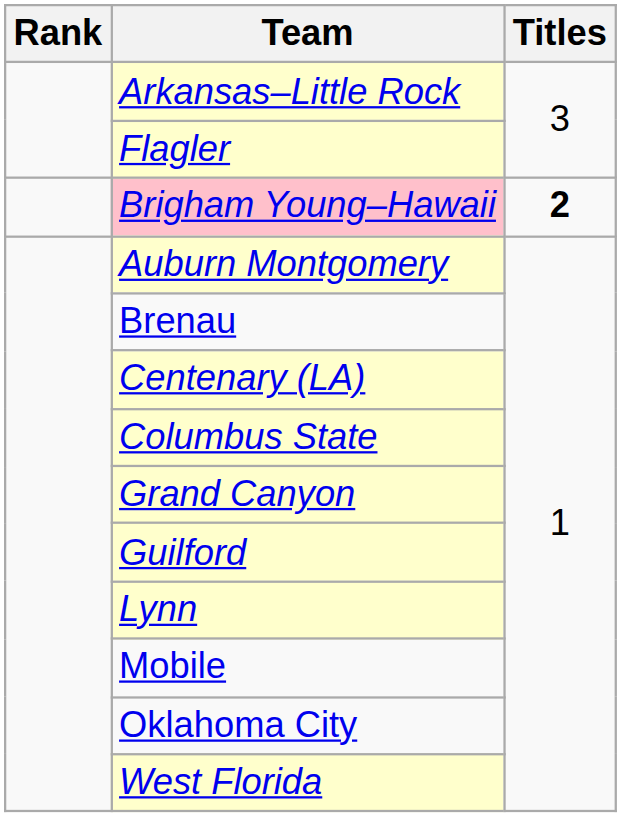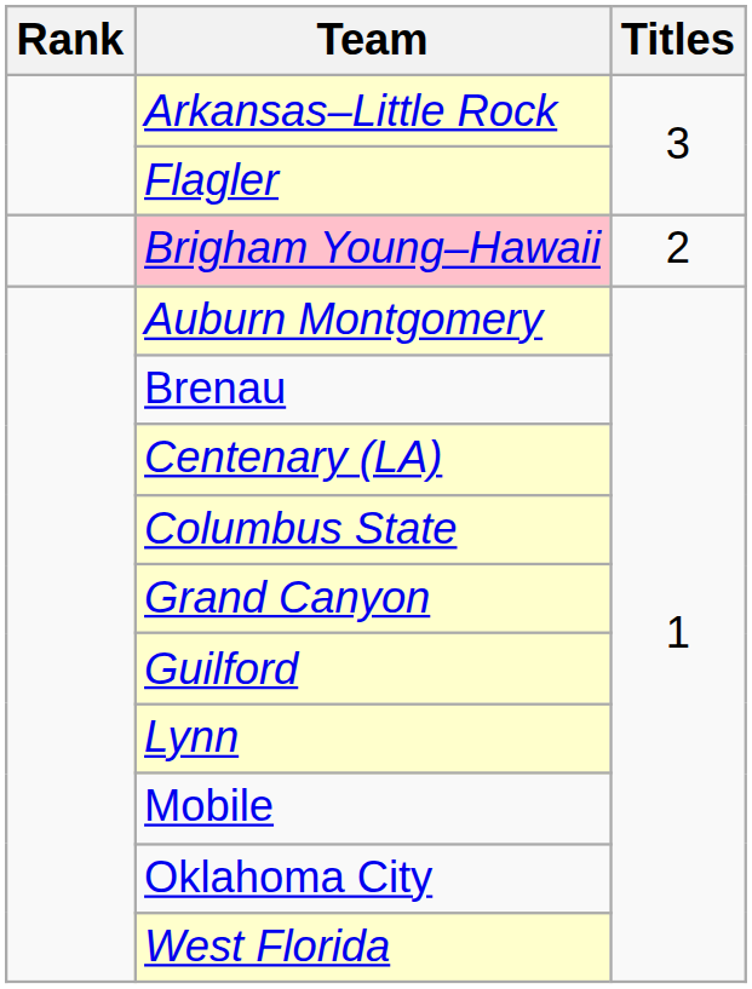 <table class="wikitable sortable" style="text-align:center">
 <tr>
 <th>Rank</th>
 <th>Team</th>
 <th>Titles</th>
 </tr>
 <tr>
 <td rowspan=2></td>
 <td align=left bgcolor=#ffffcc><em><a href='#'>Arkansas–Little Rock</a></em></td>
 <td rowspan=2>3</td>
 </tr>
 <tr>
 <td align=left bgcolor=#ffffcc><em><a href='#'>Flagler</a></em></td>
 </tr>
 <tr>
 <td></td>
 <td align=left bgcolor=pink><em><a href='#'>Brigham Young–Hawaii</a></em></td>
-<td><strong>2</strong></td>
+<td>2</td>
 </tr>
 <tr>
 <td rowspan=10></td>
 <td align=left bgcolor=#ffffcc><em><a href='#'>Auburn Montgomery</a></em></td>
 <td rowspan=10>1</td>
 </tr>
 <tr>
 <td align=left><a href='#'>Brenau</a></td>
 </tr>
 <tr>
 <td align=left bgcolor=#ffffcc><em><a href='#'>Centenary (LA)</a></em></td>
 </tr>
 <tr>
 <td align=left bgcolor=#ffffcc><em><a href='#'>Columbus State</a></em></td>
 </tr>
 <tr>
 <td align=left bgcolor=#ffffcc><em><a href='#'>Grand Canyon</a></em></td>
 </tr>
 <tr>
 <td align=left bgcolor=#ffffcc><em><a href='#'>Guilford</a></em></td>
 </tr>
 <tr>
 <td align=left bgcolor=#ffffcc><em><a href='#'>Lynn</a></em></td>
 </tr>
 <tr>
 <td align=left><a href='#'>Mobile</a></td>
 </tr>
 <tr>
 <td align=left><a href='#'>Oklahoma City</a></td>
 </tr>
 <tr>
 <td align=left bgcolor=#ffffcc><em><a href='#'>West Florida</a></em></td>
 </tr>
 </table>
